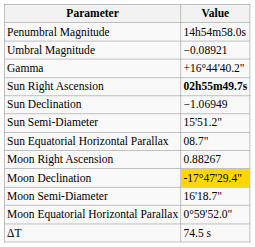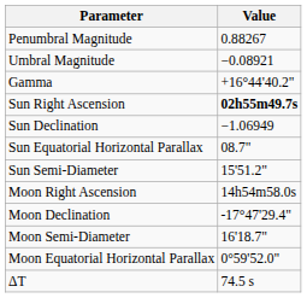 <table class="wikitable">
 <tr>
 <th>Parameter</th>
 <th>Value</th>
 </tr>
 <tr>
 <td>Penumbral Magnitude</td>
-<td>14h54m58.0s</td>
+<td>0.88267</td>
 </tr>
 <tr>
 <td>Umbral Magnitude</td>
 <td>−0.08921</td>
 </tr>
 <tr>
 <td>Gamma</td>
 <td>+16°44'40.2"</td>
 </tr>
 <tr>
 <td>Sun Right Ascension</td>
 <td><strong>02h55m49.7s</strong></td>
 </tr>
 <tr>
 <td>Sun Declination</td>
 <td>−1.06949</td>
 </tr>
 <tr>
+<td>Sun Equatorial Horizontal Parallax</td>
+<td>08.7"</td>
+</tr>
+<tr>
 <td>Sun Semi-Diameter</td>
 <td>15'51.2"</td>
 </tr>
 <tr>
-<td>Sun Equatorial Horizontal Parallax</td>
-<td>08.7"</td>
-</tr>
-<tr>
 <td>Moon Right Ascension</td>
-<td>0.88267</td>
+<td>14h54m58.0s</td>
 </tr>
 <tr>
 <td>Moon Declination</td>
-<td style="background: gold;">-17°47'29.4"</td>
+<td>-17°47'29.4"</td>
 </tr>
 <tr>
 <td>Moon Semi-Diameter</td>
 <td>16'18.7"</td>
 </tr>
 <tr>
 <td>Moon Equatorial Horizontal Parallax</td>
 <td>0°59'52.0"</td>
 </tr>
 <tr>
 <td>ΔT</td>
 <td>74.5 s</td>
 </tr>
 </table>
